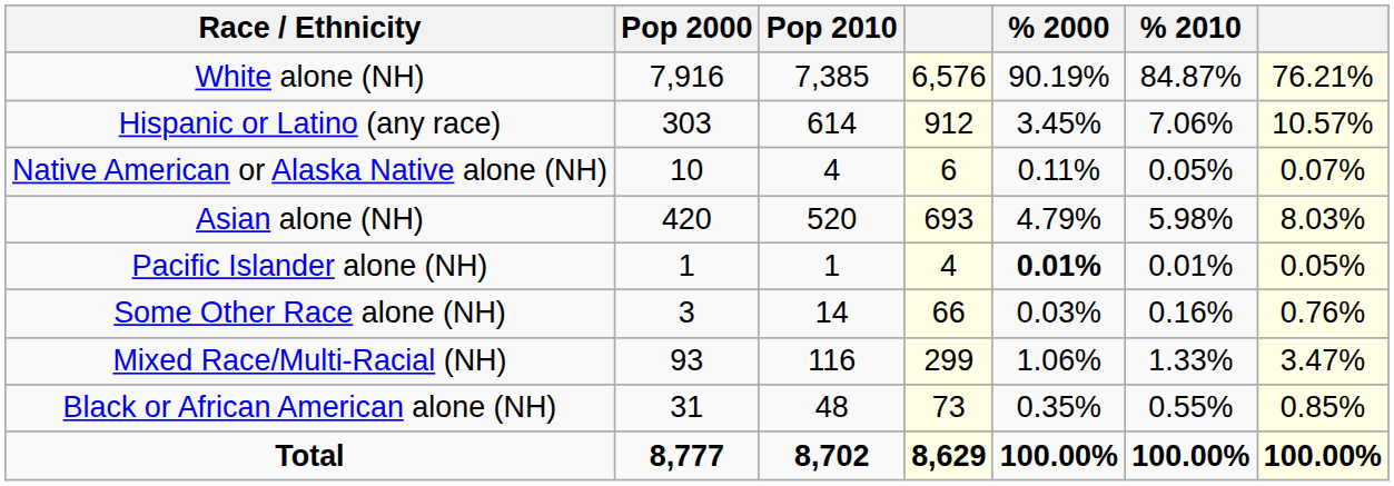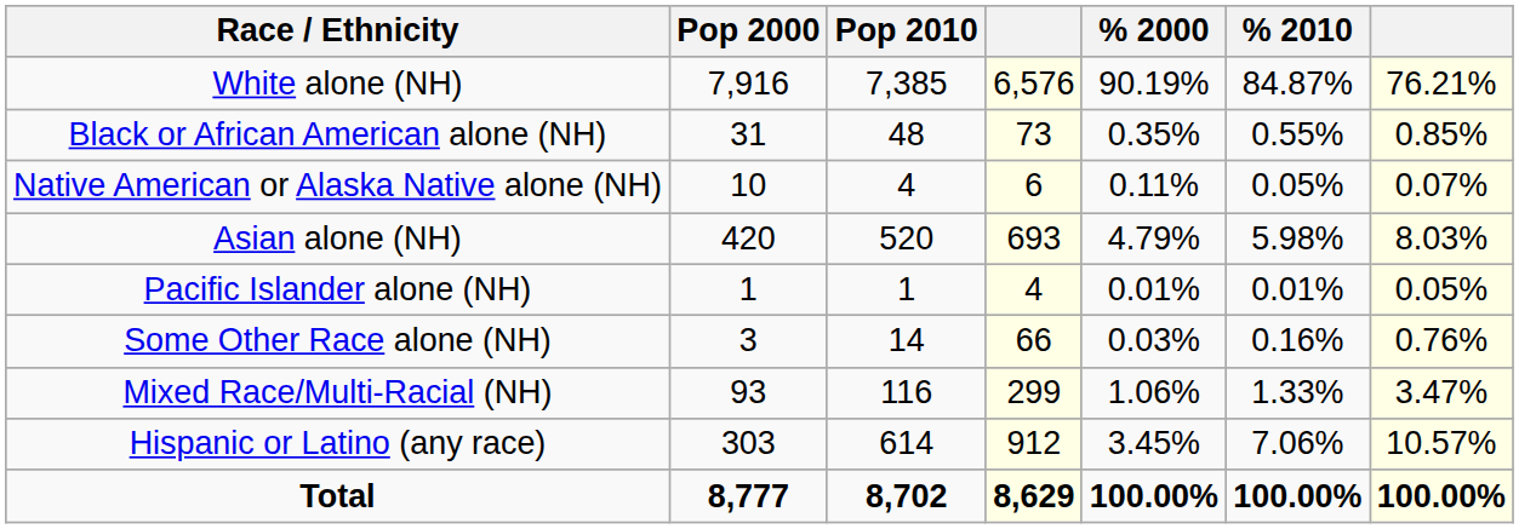 <table class="wikitable" style="text-align:center;">
 <tr>
 <th>Race / Ethnicity</th>
 <th>Pop 2000</th>
 <th>Pop 2010</th>
 <th></th>
 <th>% 2000</th>
 <th>% 2010</th>
 <th></th>
 </tr>
 <tr>
 <td><a href='#'>White</a> alone (NH)</td>
 <td>7,916</td>
 <td>7,385</td>
 <td style='background: #ffffe6;'>6,576</td>
 <td>90.19%</td>
 <td>84.87%</td>
 <td style='background: #ffffe6;'>76.21%</td>
 </tr>
 <tr>
-<td><a href='#'>Hispanic or Latino</a> (any race)</td>
-<td>303</td>
-<td>614</td>
-<td style='background: #ffffe6;'>912</td>
-<td>3.45%</td>
-<td>7.06%</td>
-<td style='background: #ffffe6;'>10.57%</td>
+<td><a href='#'>Black or African American</a> alone (NH)</td>
+<td>31</td>
+<td>48</td>
+<td style='background: #ffffe6;'>73</td>
+<td>0.35%</td>
+<td>0.55%</td>
+<td style='background: #ffffe6;'>0.85%</td>
 </tr>
 <tr>
 <td><a href='#'>Native American</a> or <a href='#'>Alaska Native</a> alone (NH)</td>
 <td>10</td>
 <td>4</td>
 <td style='background: #ffffe6;'>6</td>
 <td>0.11%</td>
 <td>0.05%</td>
 <td style='background: #ffffe6;'>0.07%</td>
 </tr>
 <tr>
 <td><a href='#'>Asian</a> alone (NH)</td>
 <td>420</td>
 <td>520</td>
 <td style='background: #ffffe6;'>693</td>
 <td>4.79%</td>
 <td>5.98%</td>
 <td style='background: #ffffe6;'>8.03%</td>
 </tr>
 <tr>
 <td><a href='#'>Pacific Islander</a> alone (NH)</td>
 <td>1</td>
 <td>1</td>
 <td style='background: #ffffe6;'>4</td>
-<td><strong>0.01%</strong></td>
+<td>0.01%</td>
 <td>0.01%</td>
 <td style='background: #ffffe6;'>0.05%</td>
 </tr>
 <tr>
 <td><a href='#'>Some Other Race</a> alone (NH)</td>
 <td>3</td>
 <td>14</td>
 <td style='background: #ffffe6;'>66</td>
 <td>0.03%</td>
 <td>0.16%</td>
 <td style='background: #ffffe6;'>0.76%</td>
 </tr>
 <tr>
 <td><a href='#'>Mixed Race/Multi-Racial</a> (NH)</td>
 <td>93</td>
 <td>116</td>
 <td style='background: #ffffe6;'>299</td>
 <td>1.06%</td>
 <td>1.33%</td>
 <td style='background: #ffffe6;'>3.47%</td>
 </tr>
 <tr>
-<td><a href='#'>Black or African American</a> alone (NH)</td>
-<td>31</td>
-<td>48</td>
-<td style='background: #ffffe6;'>73</td>
-<td>0.35%</td>
-<td>0.55%</td>
-<td style='background: #ffffe6;'>0.85%</td>
+<td><a href='#'>Hispanic or Latino</a> (any race)</td>
+<td>303</td>
+<td>614</td>
+<td style='background: #ffffe6;'>912</td>
+<td>3.45%</td>
+<td>7.06%</td>
+<td style='background: #ffffe6;'>10.57%</td>
 </tr>
 <tr>
 <td><strong>Total</strong></td>
 <td><strong>8,777</strong></td>
 <td><strong>8,702</strong></td>
 <td style='background: #ffffe6;'><strong>8,629</strong></td>
 <td><strong>100.00%</strong></td>
 <td><strong>100.00%</strong></td>
 <td style='background: #ffffe6;'><strong>100.00%</strong></td>
 </tr>
 </table>
